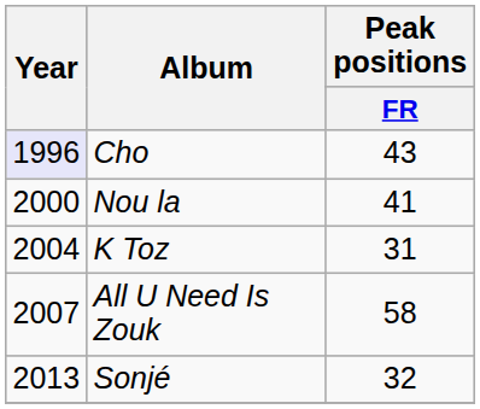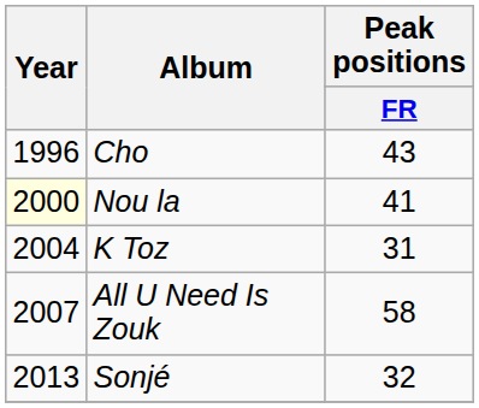 <table class="wikitable">
 <tr>
 <th align="center" rowspan="2" width="10">Year</th>
 <th align="center" rowspan="2" width="120">Album</th>
 <th align="center" colspan="1" width="20">Peak positions</th>
 </tr>
 <tr>
 <th scope="col" style="width:3em;font-size:90%;"><a href='#'>FR</a><br></th>
 </tr>
 <tr>
-<td style="background: lavender; text-align:center;">1996</td>
+<td style="text-align:center;">1996</td>
 <td><em>Cho</em></td>
 <td style="text-align:center;">43</td>
 </tr>
 <tr>
-<td style="text-align:center;">2000</td>
+<td style="background: lightyellow; text-align:center;">2000</td>
 <td><em>Nou la</em></td>
 <td style="text-align:center;">41</td>
 </tr>
 <tr>
 <td style="text-align:center;">2004</td>
 <td><em>K Toz</em></td>
 <td style="text-align:center;">31</td>
 </tr>
 <tr>
 <td style="text-align:center;">2007</td>
 <td><em>All U Need Is Zouk</em></td>
 <td style="text-align:center;">58</td>
 </tr>
 <tr>
 <td style="text-align:center;">2013</td>
 <td><em>Sonjé</em></td>
 <td style="text-align:center;">32</td>
 </tr>
 <tr>
 </tr>
 </table>
